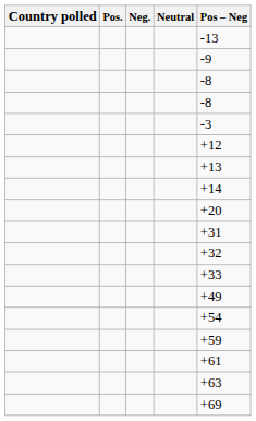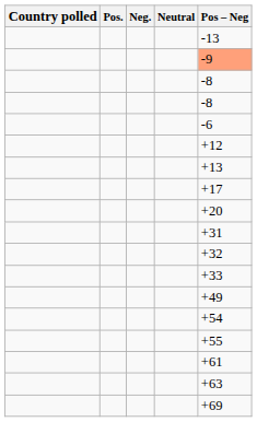 <table class="wikitable sortable floatright" style="border:1px black; float:right; margin-left:1em;">
 <tr>
 <th>Country polled</th>
 <th><small>Pos.</small></th>
 <th><small>Neg.</small></th>
 <th><small>Neutral</small></th>
 <th><small>Pos – Neg</small></th>
 </tr>
 <tr>
 <td></td>
 <td></td>
 <td></td>
 <td></td>
 <td>-13</td>
 </tr>
 <tr>
 <td></td>
 <td></td>
 <td></td>
 <td></td>
-<td>-9</td>
+<td style="background: lightsalmon;">-9</td>
 </tr>
 <tr>
 <td></td>
 <td></td>
 <td></td>
 <td></td>
 <td>-8</td>
 </tr>
 <tr>
 <td></td>
 <td></td>
 <td></td>
 <td></td>
 <td>-8</td>
 </tr>
 <tr>
 <td></td>
 <td></td>
 <td></td>
 <td></td>
-<td>-3</td>
+<td>-6</td>
 </tr>
 <tr>
 <td></td>
 <td></td>
 <td></td>
 <td></td>
 <td>+12</td>
 </tr>
 <tr>
 <td></td>
 <td></td>
 <td></td>
 <td></td>
 <td>+13</td>
 </tr>
 <tr>
 <td></td>
 <td></td>
 <td></td>
 <td></td>
-<td>+14</td>
+<td>+17</td>
 </tr>
 <tr>
 <td></td>
 <td></td>
 <td></td>
 <td></td>
 <td>+20</td>
 </tr>
 <tr>
 <td></td>
 <td></td>
 <td></td>
 <td></td>
 <td>+31</td>
 </tr>
 <tr>
 <td></td>
 <td></td>
 <td></td>
 <td></td>
 <td>+32</td>
 </tr>
 <tr>
 <td></td>
 <td></td>
 <td></td>
 <td></td>
 <td>+33</td>
 </tr>
 <tr>
 <td></td>
 <td></td>
 <td></td>
 <td></td>
 <td>+49</td>
 </tr>
 <tr>
 <td></td>
 <td></td>
 <td></td>
 <td></td>
 <td>+54</td>
 </tr>
 <tr>
 <td></td>
 <td></td>
 <td></td>
 <td></td>
-<td>+59</td>
+<td>+55</td>
 </tr>
 <tr>
 <td></td>
 <td></td>
 <td></td>
 <td></td>
 <td>+61</td>
 </tr>
 <tr>
 <td></td>
 <td></td>
 <td></td>
 <td></td>
 <td>+63</td>
 </tr>
 <tr>
 <td></td>
 <td></td>
 <td></td>
 <td></td>
 <td>+69</td>
 </tr>
 </table>
